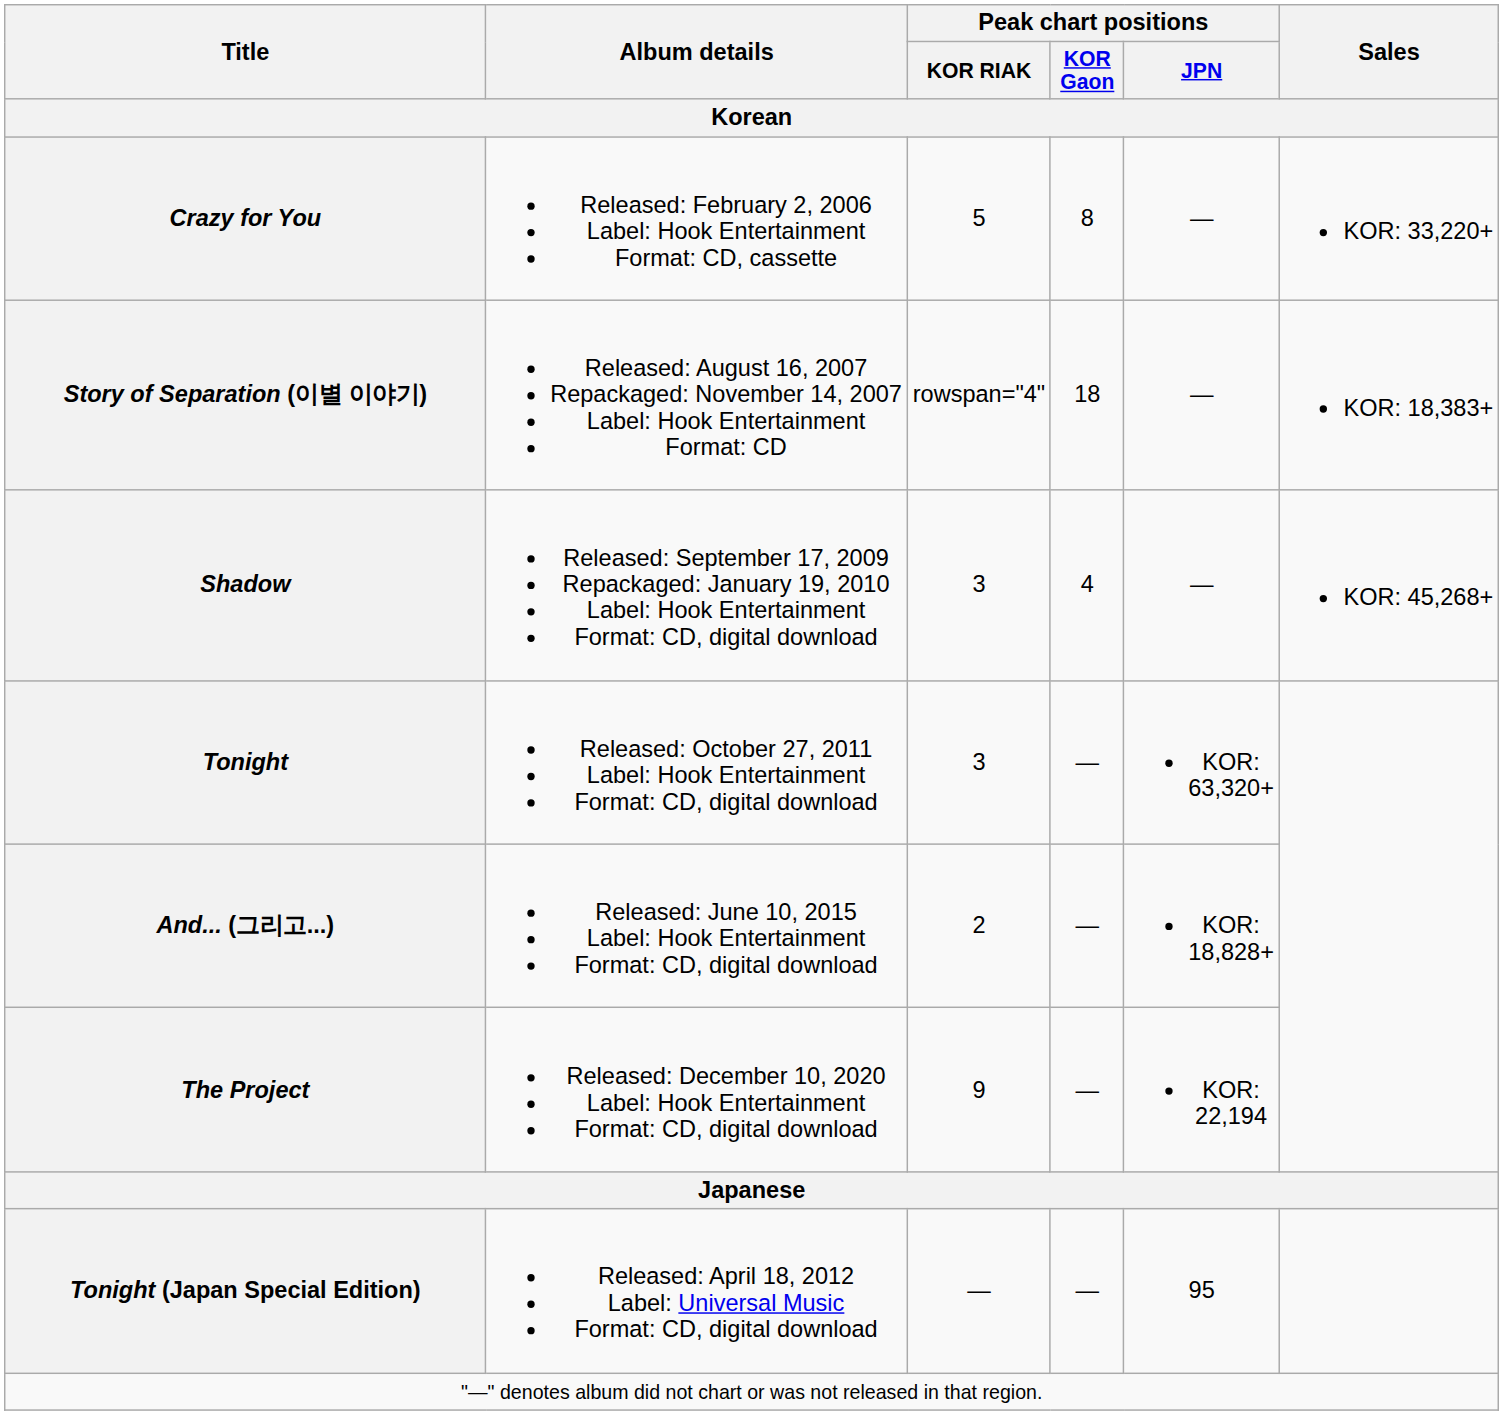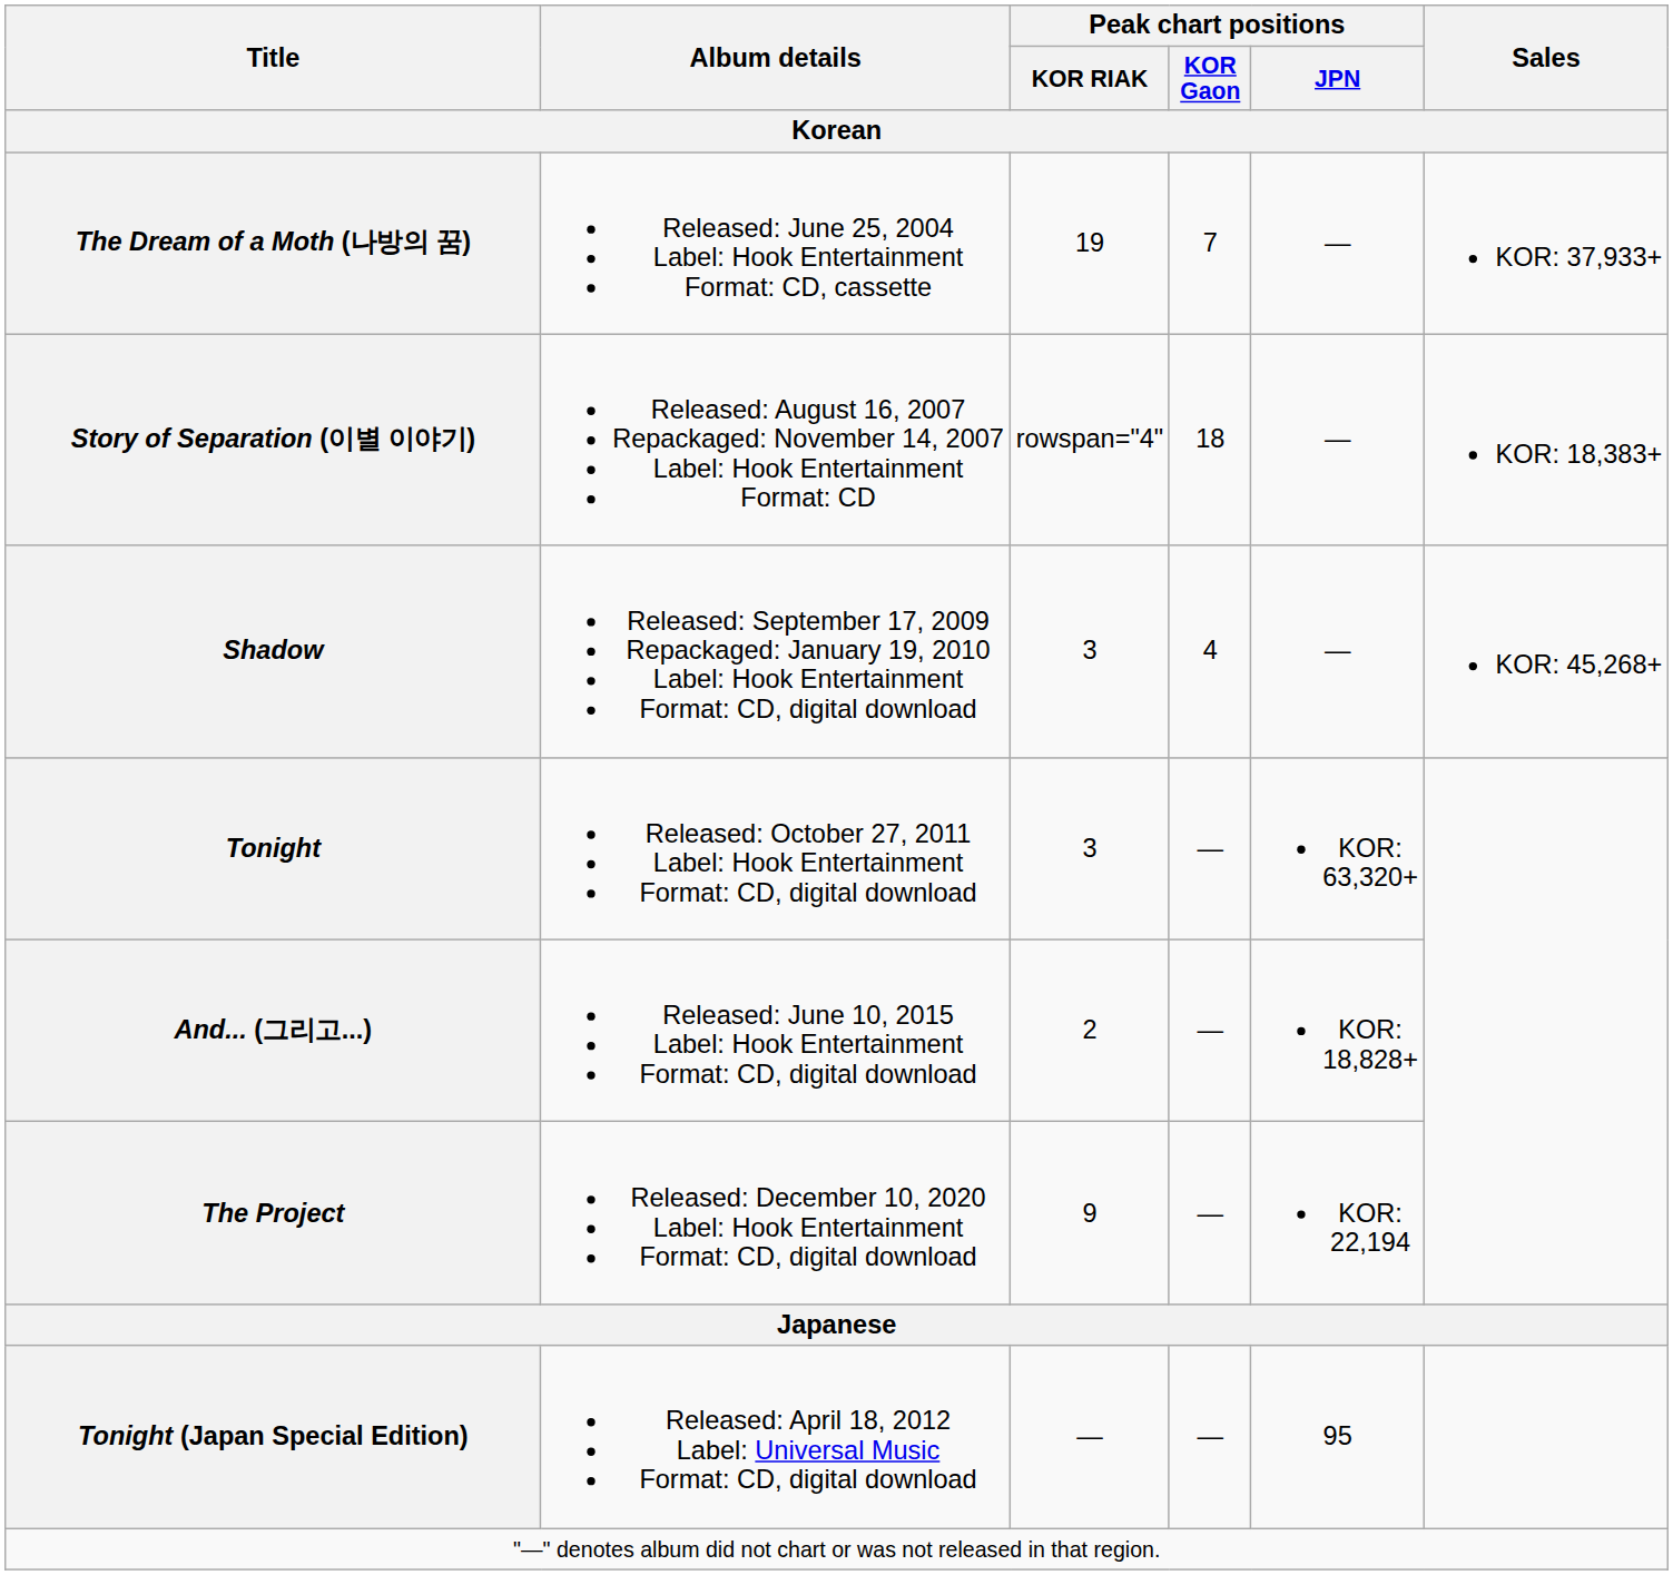 <table class="wikitable plainrowheaders" style="text-align:center;">
 <tr>
 <th rowspan="2" scope="col" style="width:20em;">Title</th>
 <th rowspan="2" scope="col">Album details</th>
 <th colspan="3" scope="col">Peak chart positions</th>
 <th rowspan="2" scope="col">Sales</th>
 </tr>
 <tr>
 <th scope="col" style="width:3em;font-size:90%;">KOR RIAK<br></th>
 <th scope="col" style="width:3em;font-size:90%;"><a href='#'>KOR Gaon</a><br></th>
 <th scope="col" style="width:3em;font-size:90%;"><a href='#'>JPN</a><br></th>
 </tr>
 <tr>
 <th colspan="6">Korean</th>
 </tr>
 <tr>
-<th scope="row"><em>Crazy for You</em></th>
-<td><br><ul><li>Released: February 2, 2006</li><li>Label: Hook Entertainment</li><li>Format: CD, cassette</li></ul></td>
-<td>5</td>
-<td>8</td>
+<th scope="row"><em>The Dream of a Moth</em> (나방의 꿈)</th>
+<td><br><ul><li>Released: June 25, 2004</li><li>Label: Hook Entertainment</li><li>Format: CD, cassette</li></ul></td>
+<td>19</td>
+<td>7</td>
 <td>—</td>
-<td><br><ul><li>KOR: 33,220+</li></ul></td>
+<td><br><ul><li>KOR: 37,933+</li></ul></td>
 </tr>
 <tr>
 <th scope="row"><em>Story of Separation</em> (이별 이야기)</th>
 <td><br><ul><li>Released: August 16, 2007</li><li>Repackaged: November 14, 2007</li><li>Label: Hook Entertainment</li><li>Format: CD</li></ul></td>
 <td>rowspan="4" </td>
 <td>18</td>
 <td>—</td>
 <td><br><ul><li>KOR: 18,383+</li></ul></td>
 </tr>
 <tr>
 <th scope="row"><em>Shadow</em></th>
 <td><br><ul><li>Released: September 17, 2009</li><li>Repackaged: January 19, 2010</li><li>Label: Hook Entertainment</li><li>Format: CD, digital download</li></ul></td>
 <td>3</td>
 <td>4</td>
 <td>—</td>
 <td><br><ul><li>KOR: 45,268+</li></ul></td>
 </tr>
 <tr>
 <th scope="row"><em>Tonight</em></th>
 <td><br><ul><li>Released: October 27, 2011</li><li>Label: Hook Entertainment</li><li>Format: CD, digital download</li></ul></td>
 <td>3</td>
 <td>—</td>
 <td><br><ul><li>KOR: 63,320+</li></ul></td>
 </tr>
 <tr>
 <th scope="row"><em>And...</em> (그리고...)</th>
 <td><br><ul><li>Released: June 10, 2015</li><li>Label: Hook Entertainment</li><li>Format: CD, digital download</li></ul></td>
 <td>2</td>
 <td>—</td>
 <td><br><ul><li>KOR: 18,828+</li></ul></td>
 </tr>
 <tr>
 <th scope="row"><em>The Project</em></th>
 <td><br><ul><li>Released: December 10, 2020</li><li>Label: Hook Entertainment</li><li>Format: CD, digital download</li></ul></td>
 <td>9</td>
 <td>—</td>
 <td><br><ul><li>KOR: 22,194</li></ul></td>
 </tr>
 <tr>
 <th colspan="6">Japanese</th>
 </tr>
 <tr>
 <th scope="row"><em>Tonight</em> (Japan Special Edition)</th>
 <td><br><ul><li>Released: April 18, 2012</li><li>Label: <a href='#'>Universal Music</a></li><li>Format: CD, digital download</li></ul></td>
 <td>—</td>
 <td>—</td>
 <td>95</td>
 <td></td>
 </tr>
 <tr>
 <td colspan="6"><small>"—" denotes album did not chart or was not released in that region.</small></td>
 </tr>
 </table>
